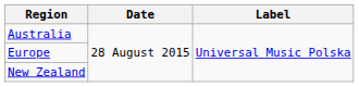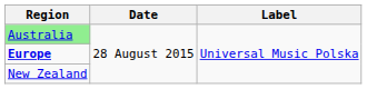 <table class="wikitable">
 <tr>
 <th>Region</th>
 <th>Date</th>
 <th>Label</th>
 </tr>
 <tr>
-<td><a href='#'>Australia</a></td>
+<td style="background: lightgreen;"><a href='#'>Australia</a></td>
 <td rowspan=3>28 August 2015</td>
 <td rowspan=3><a href='#'>Universal Music Polska</a></td>
 </tr>
 <tr>
-<td><a href='#'>Europe</a></td>
+<td><strong><a href='#'>Europe</a></strong></td>
 </tr>
 <tr>
 <td><a href='#'>New Zealand</a></td>
 </tr>
 </table>
